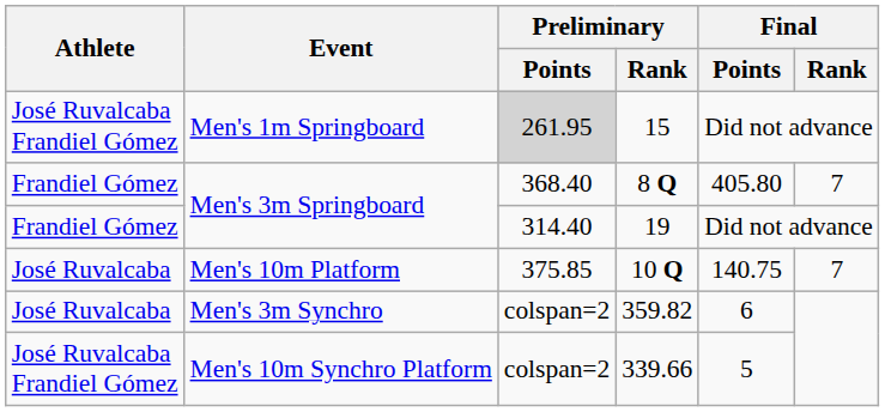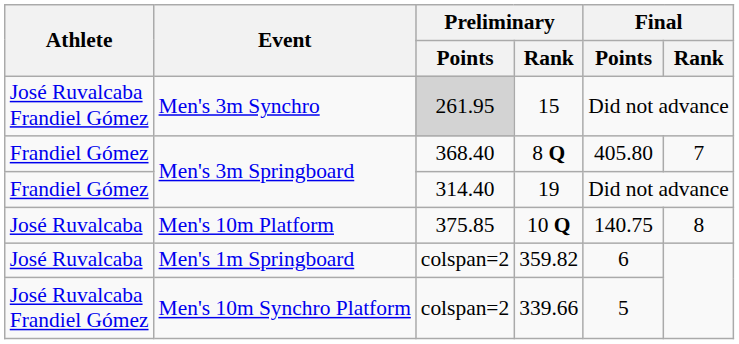 <table class=wikitable style="font-size:90%">
 <tr>
 <th rowspan="2">Athlete</th>
 <th rowspan="2">Event</th>
 <th colspan="2">Preliminary</th>
 <th colspan="2">Final</th>
 </tr>
 <tr>
 <th>Points</th>
 <th>Rank</th>
 <th>Points</th>
 <th>Rank</th>
 </tr>
 <tr align=center>
 <td align=left><a href='#'>José Ruvalcaba</a><br><a href='#'>Frandiel Gómez</a></td>
-<td align=left><a href='#'>Men's 1m Springboard</a></td>
+<td align=left><a href='#'>Men's 3m Synchro</a></td>
 <td style="background: lightgrey;">261.95</td>
 <td>15</td>
 <td align=center colspan="2">Did not advance</td>
 </tr>
 <tr align=center>
 <td align=left><a href='#'>Frandiel Gómez</a></td>
 <td rowspan="2" align=left><a href='#'>Men's 3m Springboard</a></td>
 <td>368.40</td>
 <td>8 <strong>Q</strong></td>
 <td>405.80</td>
 <td>7</td>
 </tr>
 <tr align=center>
 <td align=left><a href='#'>Frandiel Gómez</a></td>
 <td>314.40</td>
 <td>19</td>
 <td align=center colspan="2">Did not advance</td>
 </tr>
 <tr align=center>
 <td align=left><a href='#'>José Ruvalcaba</a></td>
 <td align=left><a href='#'>Men's 10m Platform</a></td>
 <td>375.85</td>
 <td>10 <strong>Q</strong></td>
 <td>140.75</td>
-<td>7</td>
+<td>8</td>
 </tr>
 <tr align=center>
 <td align=left><a href='#'>José Ruvalcaba</a></td>
-<td align=left><a href='#'>Men's 3m Synchro</a></td>
+<td align=left><a href='#'>Men's 1m Springboard</a></td>
 <td>colspan=2 </td>
 <td>359.82</td>
 <td>6</td>
 </tr>
 <tr align=center>
 <td align=left><a href='#'>José Ruvalcaba</a><br><a href='#'>Frandiel Gómez</a></td>
 <td align=left><a href='#'>Men's 10m Synchro Platform</a></td>
 <td>colspan=2 </td>
 <td>339.66</td>
 <td>5</td>
 </tr>
 </table>
